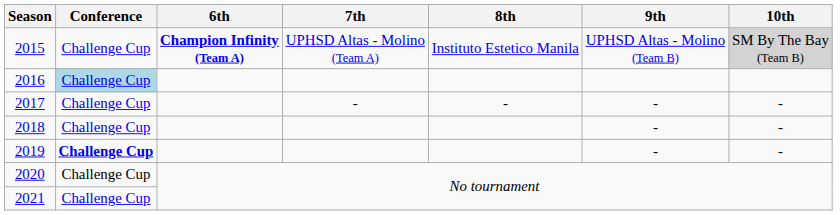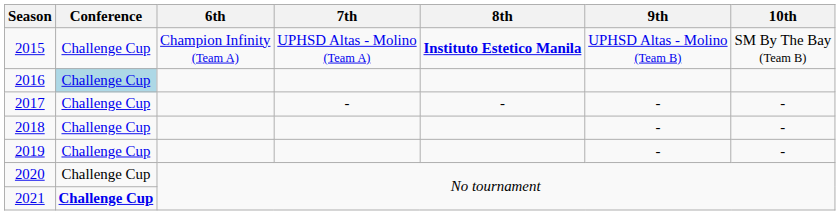 <table class="wikitable">
 <tr>
 <th>Season</th>
 <th>Conference</th>
 <th>6th</th>
 <th>7th</th>
 <th>8th</th>
 <th>9th</th>
 <th>10th</th>
 </tr>
 <tr align=center>
 <td><a href='#'>2015</a></td>
 <td><a href='#'>Challenge Cup</a></td>
-<td><strong><a href='#'>Champion Infinity<br><small>(Team A)</small></a></strong></td>
+<td><a href='#'>Champion Infinity<br><small>(Team A)</small></a></td>
 <td><a href='#'>UPHSD Altas - Molino<br><small>(Team A)</small></a></td>
-<td><a href='#'>Instituto Estetico Manila</a></td>
+<td><strong><a href='#'>Instituto Estetico Manila</a></strong></td>
 <td><a href='#'>UPHSD Altas - Molino<br><small>(Team B)</small></a></td>
-<td style="background: lightgrey;">SM By The Bay<br><small>(Team B)</small></td>
+<td>SM By The Bay<br><small>(Team B)</small></td>
 </tr>
 <tr align=center>
 <td><a href='#'>2016</a></td>
 <td style="background: lightblue;"><a href='#'>Challenge Cup</a></td>
 <td></td>
 <td></td>
 <td></td>
 <td></td>
 <td></td>
 </tr>
 <tr align=center>
 <td><a href='#'>2017</a></td>
 <td><a href='#'>Challenge Cup</a></td>
 <td></td>
 <td>-</td>
 <td>-</td>
 <td>-</td>
 <td>-</td>
 </tr>
 <tr align=center>
 <td><a href='#'>2018</a></td>
 <td><a href='#'>Challenge Cup</a></td>
 <td></td>
 <td></td>
 <td></td>
 <td>-</td>
 <td>-</td>
 </tr>
 <tr align=center>
 <td><a href='#'>2019</a></td>
-<td><strong><a href='#'>Challenge Cup</a></strong></td>
+<td><a href='#'>Challenge Cup</a></td>
 <td></td>
 <td></td>
 <td></td>
 <td>-</td>
 <td>-</td>
 </tr>
 <tr align=center>
 <td><a href='#'>2020</a></td>
 <td>Challenge Cup</td>
 <td colspan="5" rowspan="2"><em>No tournament</em></td>
 </tr>
 <tr align=center>
 <td><a href='#'>2021</a></td>
-<td><a href='#'>Challenge Cup</a></td>
+<td><strong><a href='#'>Challenge Cup</a></strong></td>
 </tr>
 </table>
